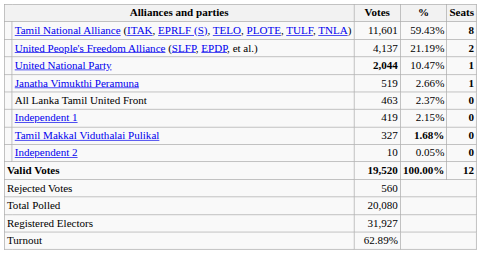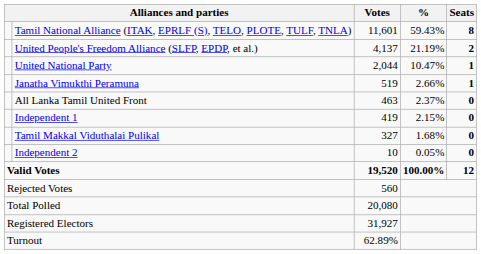 <table class="wikitable" border="1" style="text-align:right;">
 <tr>
 <th valign=bottom align=left colspan=2>Alliances and parties</th>
 <th valign=bottom align=center width="60">Votes</th>
 <th valign=bottom align=center width="50">%</th>
 <th valign=bottom align=center>Seats</th>
 </tr>
 <tr>
 <td bgcolor=> </td>
 <td align=left><a href='#'>Tamil National Alliance</a> (<a href='#'>ITAK</a>, <a href='#'>EPRLF (S)</a>, <a href='#'>TELO</a>, <a href='#'>PLOTE</a>, <a href='#'>TULF</a>, <a href='#'>TNLA</a>)</td>
 <td>11,601</td>
 <td>59.43%</td>
 <td><strong>8</strong></td>
 </tr>
 <tr>
 <td bgcolor=> </td>
 <td align=left><a href='#'>United People's Freedom Alliance</a> (<a href='#'>SLFP</a>, <a href='#'>EPDP</a>, et al.)</td>
 <td>4,137</td>
 <td>21.19%</td>
 <td><strong>2</strong></td>
 </tr>
 <tr>
 <td bgcolor=> </td>
 <td align=left><a href='#'>United National Party</a></td>
-<td><strong>2,044</strong></td>
+<td>2,044</td>
 <td>10.47%</td>
 <td><strong>1</strong></td>
 </tr>
 <tr>
 <td bgcolor=> </td>
 <td align=left><a href='#'>Janatha Vimukthi Peramuna</a></td>
 <td>519</td>
 <td>2.66%</td>
 <td><strong>1</strong></td>
 </tr>
 <tr>
 <td></td>
 <td align=left>All Lanka Tamil United Front</td>
 <td>463</td>
 <td>2.37%</td>
 <td><strong>0</strong></td>
 </tr>
 <tr>
 <td></td>
 <td align=left><a href='#'>Independent 1</a></td>
 <td>419</td>
 <td>2.15%</td>
 <td><strong>0</strong></td>
 </tr>
 <tr>
 <td></td>
 <td align=left><a href='#'>Tamil Makkal Viduthalai Pulikal</a></td>
 <td>327</td>
-<td><strong>1.68%</strong></td>
+<td>1.68%</td>
 <td><strong>0</strong></td>
 </tr>
 <tr>
 <td></td>
 <td align=left><a href='#'>Independent 2</a></td>
 <td>10</td>
 <td>0.05%</td>
 <td><strong>0</strong></td>
 </tr>
 <tr>
 <td colspan=2 align=left><strong>Valid Votes</strong></td>
 <td><strong>19,520</strong></td>
 <td><strong>100.00%</strong></td>
 <td><strong>12</strong></td>
 </tr>
 <tr>
 <td colspan=2 align=left>Rejected Votes</td>
 <td>560</td>
 <td colspan=2></td>
 </tr>
 <tr>
 <td colspan=2 align=left>Total Polled</td>
 <td>20,080</td>
 <td colspan=2></td>
 </tr>
 <tr>
 <td colspan=2 align=left>Registered Electors</td>
 <td>31,927</td>
 <td colspan=2></td>
 </tr>
 <tr>
 <td colspan=2 align=left>Turnout</td>
 <td>62.89%</td>
 <td colspan=2></td>
 </tr>
 </table>
